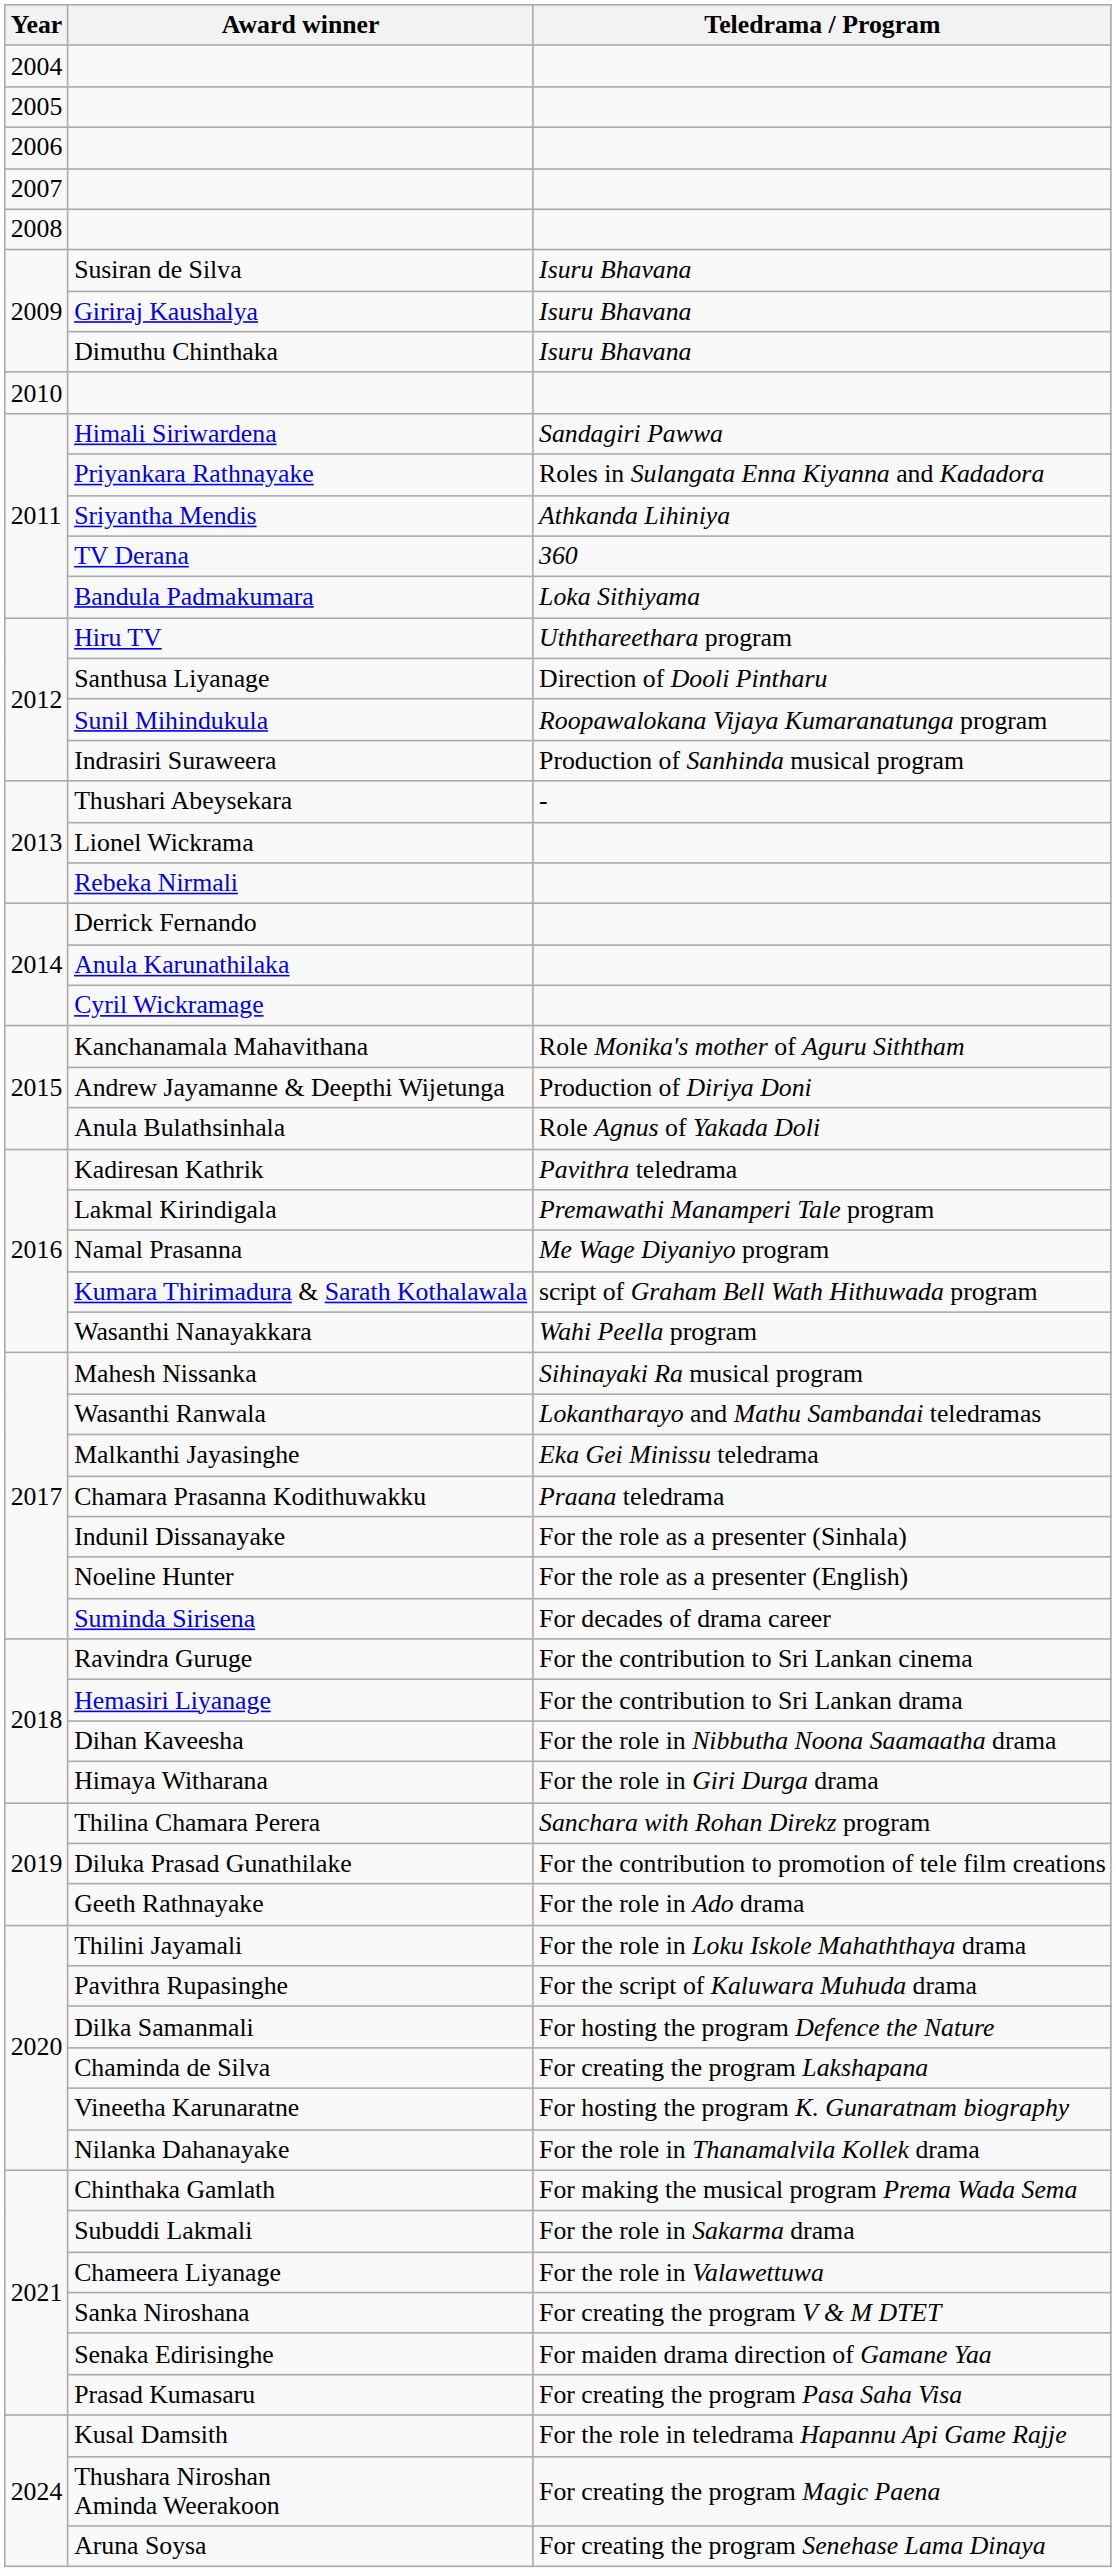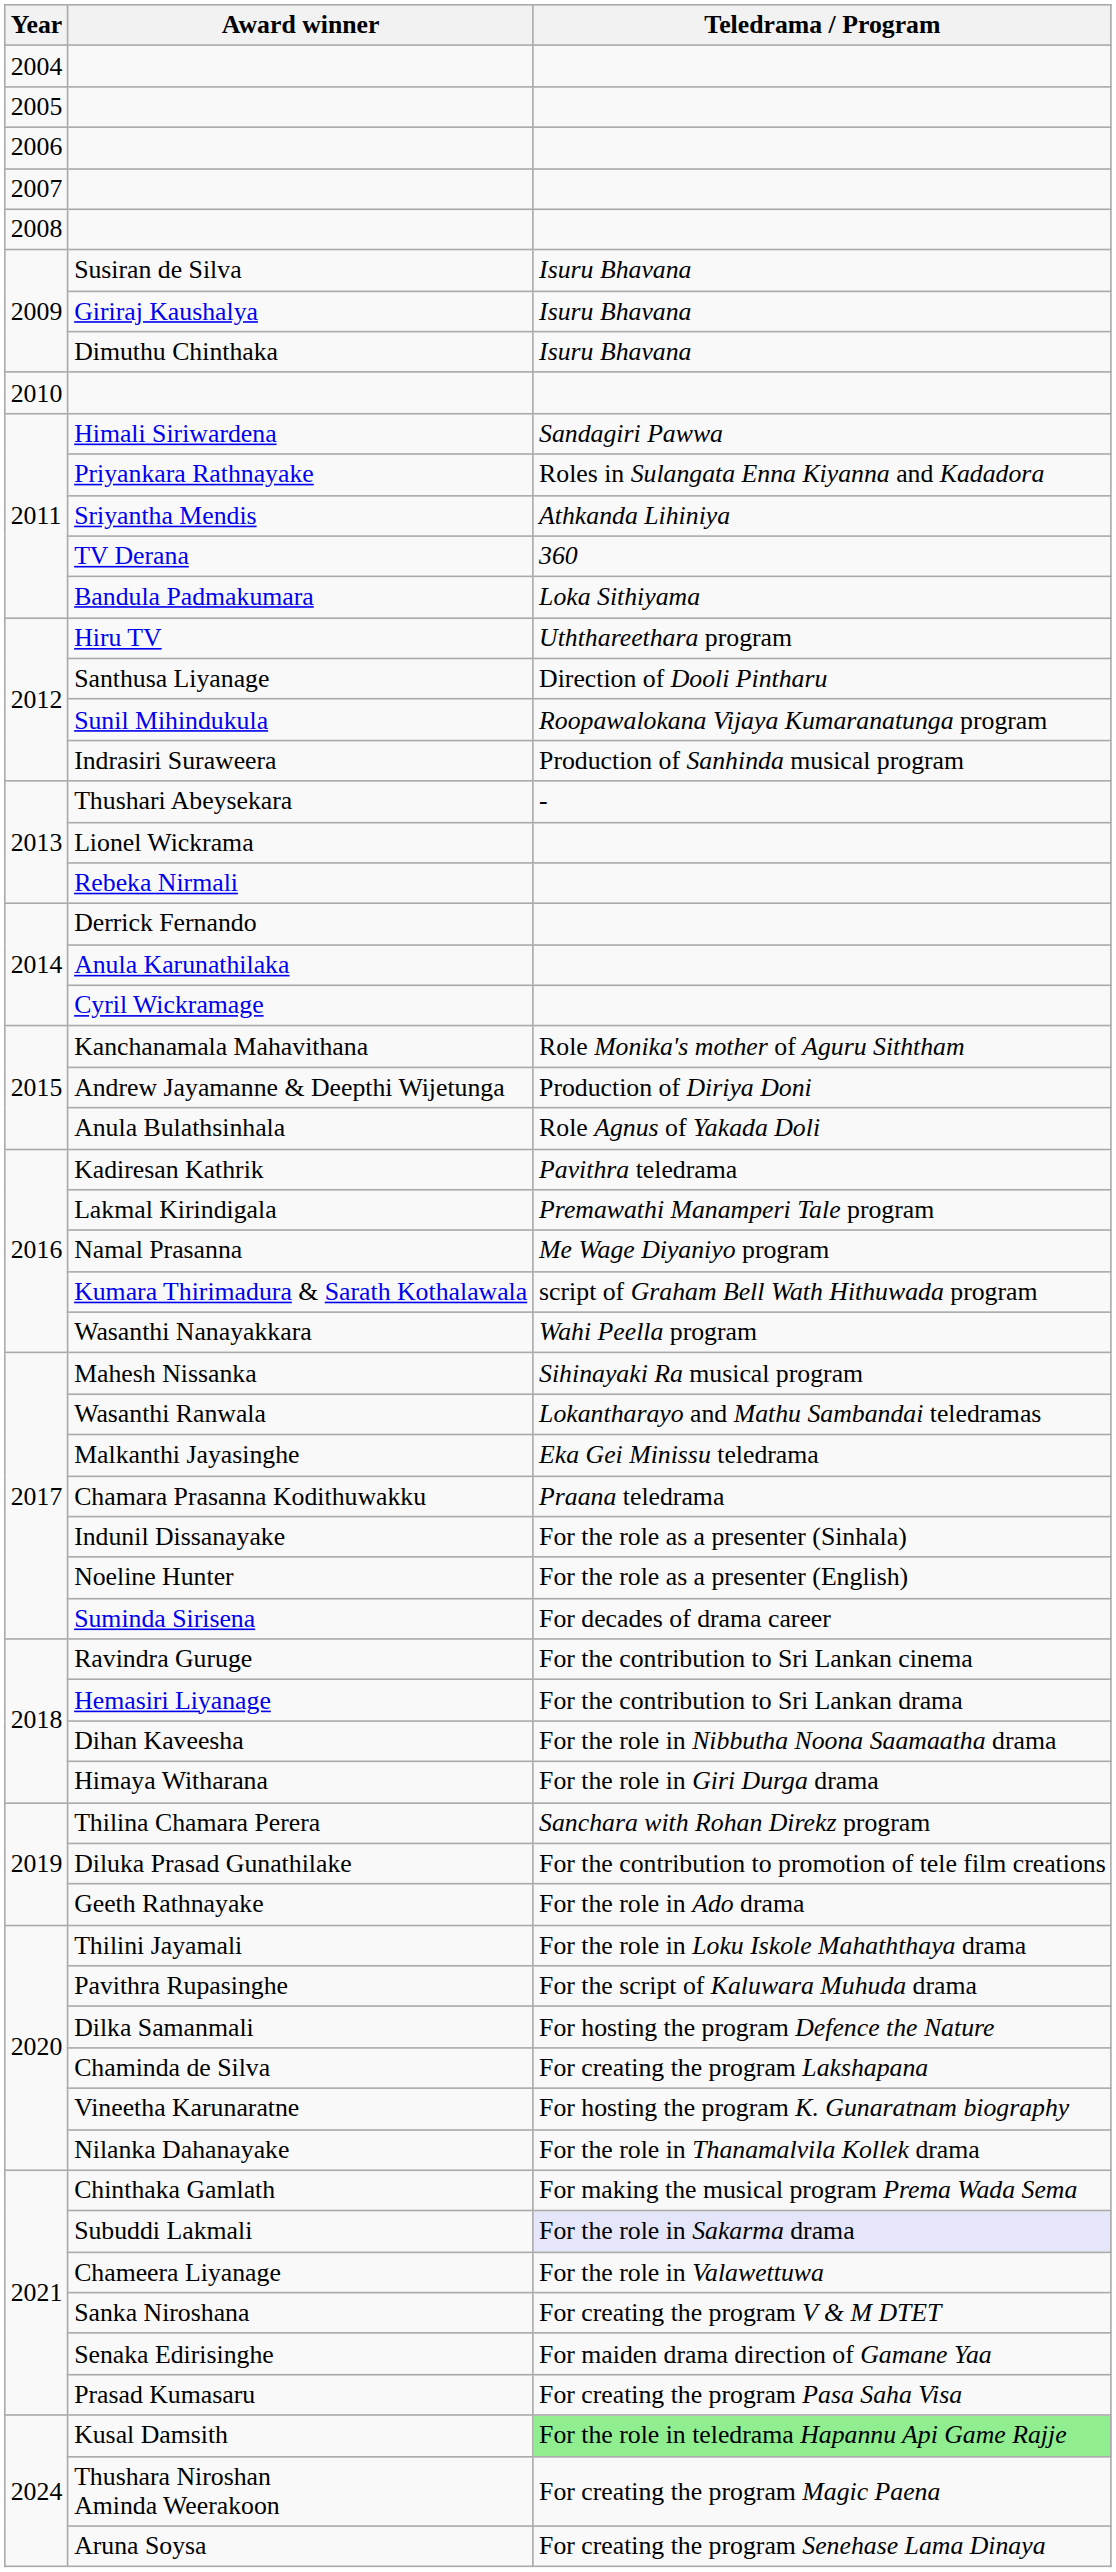 <table class="wikitable">
 <tr>
 <th>Year</th>
 <th>Award winner</th>
 <th>Teledrama / Program</th>
 </tr>
 <tr>
 <td>2004</td>
 <td></td>
 <td></td>
 </tr>
 <tr>
 <td>2005</td>
 <td></td>
 <td></td>
 </tr>
 <tr>
 <td>2006</td>
 <td></td>
 <td></td>
 </tr>
 <tr>
 <td>2007</td>
 <td></td>
 <td></td>
 </tr>
 <tr>
 <td>2008</td>
 <td></td>
 <td></td>
 </tr>
 <tr>
 <td rowspan="3">2009</td>
 <td>Susiran de Silva</td>
 <td><em>Isuru Bhavana</em></td>
 </tr>
 <tr>
 <td><a href='#'>Giriraj Kaushalya</a></td>
 <td><em>Isuru Bhavana</em></td>
 </tr>
 <tr>
 <td>Dimuthu Chinthaka</td>
 <td><em>Isuru Bhavana</em></td>
 </tr>
 <tr>
 <td>2010</td>
 <td></td>
 <td></td>
 </tr>
 <tr>
 <td rowspan="5">2011</td>
 <td><a href='#'>Himali Siriwardena</a></td>
 <td><em>Sandagiri Pawwa</em></td>
 </tr>
 <tr>
 <td><a href='#'>Priyankara Rathnayake</a></td>
 <td>Roles in <em>Sulangata Enna Kiyanna</em> and <em>Kadadora</em></td>
 </tr>
 <tr>
 <td><a href='#'>Sriyantha Mendis</a></td>
 <td><em>Athkanda Lihiniya</em></td>
 </tr>
 <tr>
 <td><a href='#'>TV Derana</a></td>
 <td><em>360</em></td>
 </tr>
 <tr>
 <td><a href='#'>Bandula Padmakumara</a></td>
 <td><em>Loka Sithiyama</em></td>
 </tr>
 <tr>
 <td rowspan="4">2012</td>
 <td><a href='#'>Hiru TV</a></td>
 <td><em>Uththareethara</em> program</td>
 </tr>
 <tr>
 <td>Santhusa Liyanage</td>
 <td>Direction of <em>Dooli Pintharu</em></td>
 </tr>
 <tr>
 <td><a href='#'>Sunil Mihindukula</a></td>
 <td><em>Roopawalokana Vijaya Kumaranatunga</em> program</td>
 </tr>
 <tr>
 <td>Indrasiri Suraweera</td>
 <td>Production of <em>Sanhinda</em> musical program</td>
 </tr>
 <tr>
 <td rowspan="3">2013</td>
 <td>Thushari Abeysekara</td>
 <td>-</td>
 </tr>
 <tr>
 <td>Lionel Wickrama</td>
 <td></td>
 </tr>
 <tr>
 <td><a href='#'>Rebeka Nirmali</a></td>
 <td></td>
 </tr>
 <tr>
 <td rowspan="3">2014</td>
 <td>Derrick Fernando</td>
 <td></td>
 </tr>
 <tr>
 <td><a href='#'>Anula Karunathilaka</a></td>
 <td></td>
 </tr>
 <tr>
 <td><a href='#'>Cyril Wickramage</a></td>
 <td></td>
 </tr>
 <tr>
 <td rowspan="3">2015</td>
 <td>Kanchanamala Mahavithana</td>
 <td>Role <em>Monika's mother</em> of <em>Aguru Siththam</em></td>
 </tr>
 <tr>
 <td>Andrew Jayamanne & Deepthi Wijetunga</td>
 <td>Production of <em>Diriya Doni</em></td>
 </tr>
 <tr>
 <td>Anula Bulathsinhala</td>
 <td>Role <em>Agnus</em> of <em>Yakada Doli</em></td>
 </tr>
 <tr>
 <td rowspan="5">2016</td>
 <td>Kadiresan Kathrik</td>
 <td><em>Pavithra</em> teledrama</td>
 </tr>
 <tr>
 <td>Lakmal Kirindigala</td>
 <td><em>Premawathi Manamperi Tale</em> program</td>
 </tr>
 <tr>
 <td>Namal Prasanna</td>
 <td><em>Me Wage Diyaniyo</em> program</td>
 </tr>
 <tr>
 <td><a href='#'>Kumara Thirimadura</a> & <a href='#'>Sarath Kothalawala</a></td>
 <td>script of <em>Graham Bell Wath Hithuwada</em> program</td>
 </tr>
 <tr>
 <td>Wasanthi Nanayakkara</td>
 <td><em>Wahi Peella</em> program</td>
 </tr>
 <tr>
 <td rowspan="7">2017</td>
 <td>Mahesh Nissanka</td>
 <td><em>Sihinayaki Ra</em> musical program</td>
 </tr>
 <tr>
 <td>Wasanthi Ranwala</td>
 <td><em>Lokantharayo</em> and <em>Mathu Sambandai</em> teledramas</td>
 </tr>
 <tr>
 <td>Malkanthi Jayasinghe</td>
 <td><em>Eka Gei Minissu</em> teledrama</td>
 </tr>
 <tr>
 <td>Chamara Prasanna Kodithuwakku</td>
 <td><em>Praana</em> teledrama</td>
 </tr>
 <tr>
 <td>Indunil Dissanayake</td>
 <td>For the role as a presenter (Sinhala)</td>
 </tr>
 <tr>
 <td>Noeline Hunter</td>
 <td>For the role as a presenter (English)</td>
 </tr>
 <tr>
 <td><a href='#'>Suminda Sirisena</a></td>
 <td>For decades of drama career</td>
 </tr>
 <tr>
 <td rowspan="4">2018</td>
 <td>Ravindra Guruge</td>
 <td>For the contribution to Sri Lankan cinema</td>
 </tr>
 <tr>
 <td><a href='#'>Hemasiri Liyanage</a></td>
 <td>For the contribution to Sri Lankan drama</td>
 </tr>
 <tr>
 <td>Dihan Kaveesha</td>
 <td>For the role in <em>Nibbutha Noona Saamaatha</em> drama</td>
 </tr>
 <tr>
 <td>Himaya Witharana</td>
 <td>For the role in <em>Giri Durga</em> drama</td>
 </tr>
 <tr>
 <td rowspan="3">2019 </td>
 <td>Thilina Chamara Perera</td>
 <td><em>Sanchara with Rohan Direkz</em> program</td>
 </tr>
 <tr>
 <td>Diluka Prasad Gunathilake</td>
 <td>For the contribution to promotion of tele film creations</td>
 </tr>
 <tr>
 <td>Geeth Rathnayake</td>
 <td>For the role in <em>Ado</em> drama</td>
 </tr>
 <tr>
 <td rowspan="6">2020 </td>
 <td>Thilini Jayamali</td>
 <td>For the role in <em>Loku Iskole Mahaththaya</em> drama</td>
 </tr>
 <tr>
 <td>Pavithra Rupasinghe</td>
 <td>For the script of <em>Kaluwara Muhuda</em> drama</td>
 </tr>
 <tr>
 <td>Dilka Samanmali</td>
 <td>For hosting the program <em>Defence the Nature</em></td>
 </tr>
 <tr>
 <td>Chaminda de Silva</td>
 <td>For creating the program <em>Lakshapana</em></td>
 </tr>
 <tr>
 <td>Vineetha Karunaratne</td>
 <td>For hosting the program <em>K. Gunaratnam biography</em></td>
 </tr>
 <tr>
 <td>Nilanka Dahanayake</td>
 <td>For the role in <em>Thanamalvila Kollek</em> drama</td>
 </tr>
 <tr>
 <td rowspan="6">2021 </td>
 <td>Chinthaka Gamlath</td>
 <td>For making the musical program <em>Prema Wada Sema</em></td>
 </tr>
 <tr>
 <td>Subuddi Lakmali</td>
-<td>For the role in <em>Sakarma</em> drama</td>
+<td style="background: lavender;">For the role in <em>Sakarma</em> drama</td>
 </tr>
 <tr>
 <td>Chameera Liyanage</td>
 <td>For the role in <em>Valawettuwa</em></td>
 </tr>
 <tr>
 <td>Sanka Niroshana</td>
 <td>For creating the program <em>V & M DTET</em></td>
 </tr>
 <tr>
 <td>Senaka Edirisinghe</td>
 <td>For maiden drama direction of <em>Gamane Yaa</em></td>
 </tr>
 <tr>
 <td>Prasad Kumasaru</td>
 <td>For creating the program <em>Pasa Saha Visa</em></td>
 </tr>
 <tr>
 <td rowspan="5">2024 </td>
 <td>Kusal Damsith</td>
-<td>For the role in teledrama <em>Hapannu Api Game Rajje</em></td>
+<td style="background: lightgreen;">For the role in teledrama <em>Hapannu Api Game Rajje</em></td>
 </tr>
 <tr>
 <td>Thushara Niroshan<br>Aminda Weerakoon</td>
 <td>For creating the program <em>Magic Paena</em></td>
 </tr>
 <tr>
 <td>Aruna Soysa</td>
 <td>For creating the program <em>Senehase Lama Dinaya</em></td>
 </tr>
 </table>
